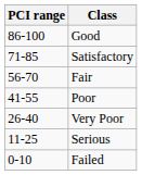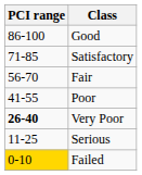 <table class="wikitable">
 <tr>
 <th>PCI range</th>
 <th>Class</th>
 </tr>
 <tr>
 <td>86-100</td>
 <td>Good</td>
 </tr>
 <tr>
 <td>71-85</td>
 <td>Satisfactory</td>
 </tr>
 <tr>
 <td>56-70</td>
 <td>Fair</td>
 </tr>
 <tr>
 <td>41-55</td>
 <td>Poor</td>
 </tr>
 <tr>
-<td>26-40</td>
+<td><strong>26-40</strong></td>
 <td>Very Poor</td>
 </tr>
 <tr>
 <td>11-25</td>
 <td>Serious</td>
 </tr>
 <tr>
-<td>0-10</td>
+<td style="background: gold;">0-10</td>
 <td>Failed</td>
 </tr>
 </table>
